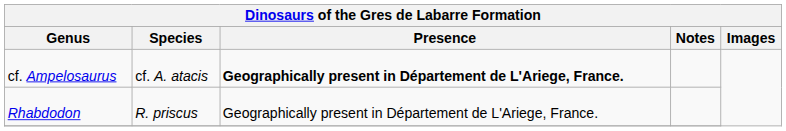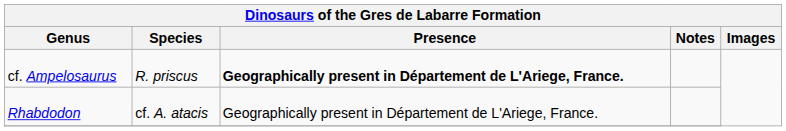 <table class="wikitable" align="center" width="100%">
 <tr>
 <th colspan="5" align="center"><strong><a href='#'>Dinosaurs</a> of the Gres de Labarre Formation</strong></th>
 </tr>
 <tr>
 <th>Genus</th>
 <th>Species</th>
 <th>Presence</th>
 <th>Notes</th>
 <th>Images</th>
 </tr>
 <tr>
 <td><br>cf. <em><a href='#'>Ampelosaurus</a></em></td>
-<td><br>cf. <em>A. atacis</em></td>
+<td><br><em>R. priscus</em></td>
 <td><strong><br>Geographically present in Département de L'Ariege, France.</strong></td>
 <td></td>
 <td rowspan="99"><br> </td>
 </tr>
 <tr>
 <td><br><em><a href='#'>Rhabdodon</a></em></td>
-<td><br><em>R. priscus</em></td>
+<td><br>cf. <em>A. atacis</em></td>
 <td><br>Geographically present in Département de L'Ariege, France.</td>
 <td></td>
 </tr>
 <tr>
 </tr>
 </table>
